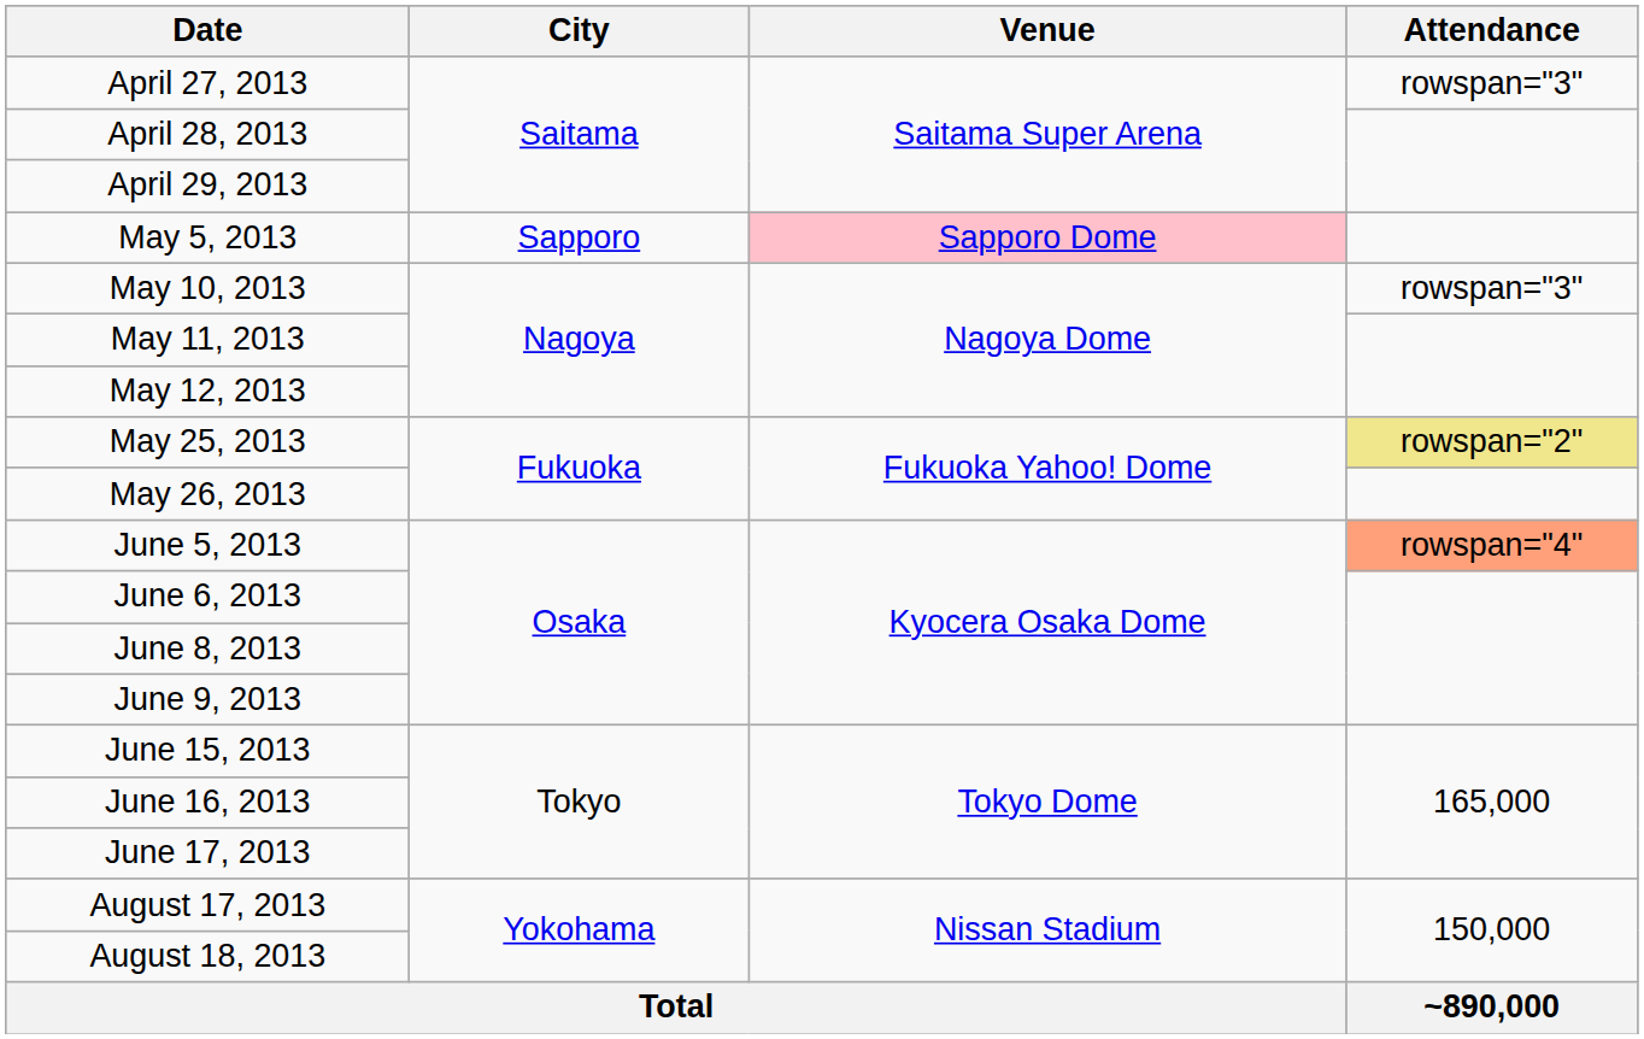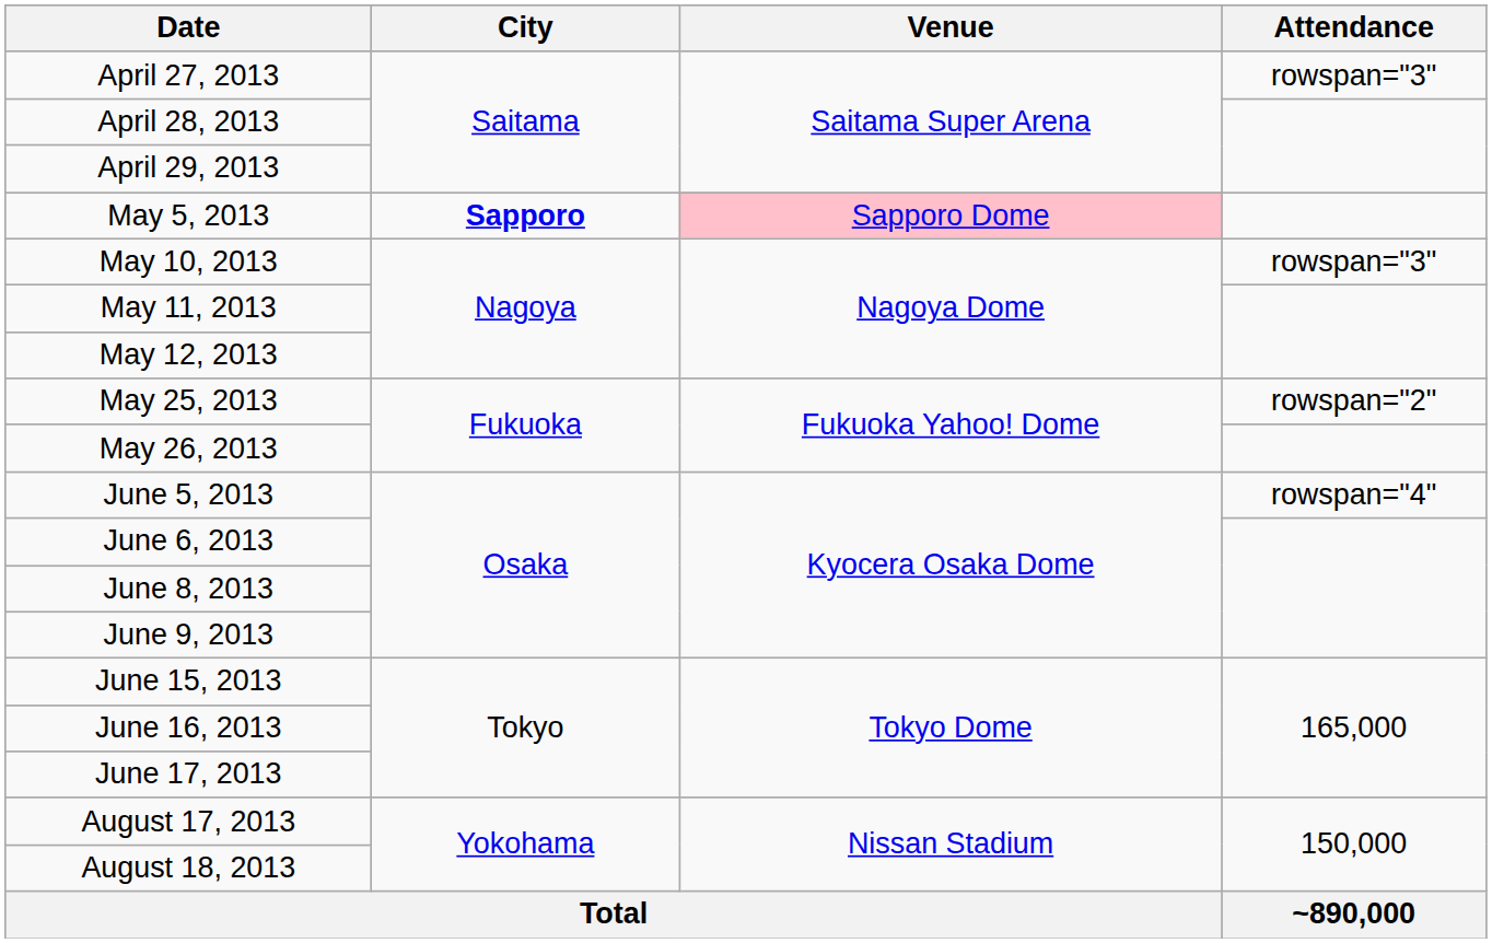 <table class="wikitable" style="text-align:center;">
 <tr>
 <th scope="col" style="width:12em;">Date</th>
 <th scope="col" style="width:10em;">City</th>
 <th scope="col" style="width:18em;">Venue</th>
 <th scope="col" style="width:8.5em;">Attendance</th>
 </tr>
 <tr>
 <td>April 27, 2013</td>
 <td rowspan="3"><a href='#'>Saitama</a></td>
 <td rowspan="3"><a href='#'>Saitama Super Arena</a></td>
 <td>rowspan="3" </td>
 </tr>
 <tr>
 <td>April 28, 2013</td>
 </tr>
 <tr>
 <td>April 29, 2013</td>
 </tr>
 <tr>
 <td>May 5, 2013</td>
-<td><a href='#'>Sapporo</a></td>
+<td><strong><a href='#'>Sapporo</a></strong></td>
 <td style="background: pink;"><a href='#'>Sapporo Dome</a></td>
 <td></td>
 </tr>
 <tr>
 <td>May 10, 2013</td>
 <td rowspan="3"><a href='#'>Nagoya</a></td>
 <td rowspan="3"><a href='#'>Nagoya Dome</a></td>
 <td>rowspan="3" </td>
 </tr>
 <tr>
 <td>May 11, 2013</td>
 </tr>
 <tr>
 <td>May 12, 2013</td>
 </tr>
 <tr>
 <td>May 25, 2013</td>
 <td rowspan="2"><a href='#'>Fukuoka</a></td>
 <td rowspan="2"><a href='#'>Fukuoka Yahoo! Dome</a></td>
-<td style="background: khaki;">rowspan="2" </td>
+<td>rowspan="2" </td>
 </tr>
 <tr>
 <td>May 26, 2013</td>
 </tr>
 <tr>
 <td>June 5, 2013</td>
 <td rowspan="4"><a href='#'>Osaka</a></td>
 <td rowspan="4"><a href='#'>Kyocera Osaka Dome</a></td>
-<td style="background: lightsalmon;">rowspan="4" </td>
+<td>rowspan="4" </td>
 </tr>
 <tr>
 <td>June 6, 2013</td>
 </tr>
 <tr>
 <td>June 8, 2013</td>
 </tr>
 <tr>
 <td>June 9, 2013</td>
 </tr>
 <tr>
 <td>June 15, 2013</td>
 <td rowspan="3">Tokyo</td>
 <td rowspan="3"><a href='#'>Tokyo Dome</a></td>
 <td rowspan="3">165,000</td>
 </tr>
 <tr>
 <td>June 16, 2013</td>
 </tr>
 <tr>
 <td>June 17, 2013</td>
 </tr>
 <tr>
 <td>August 17, 2013</td>
 <td rowspan="2"><a href='#'>Yokohama</a></td>
 <td rowspan="2"><a href='#'>Nissan Stadium</a></td>
 <td rowspan="2">150,000</td>
 </tr>
 <tr>
 <td>August 18, 2013</td>
 </tr>
 <tr>
 <th colspan="3">Total</th>
 <th>~890,000</th>
 </tr>
 </table>
